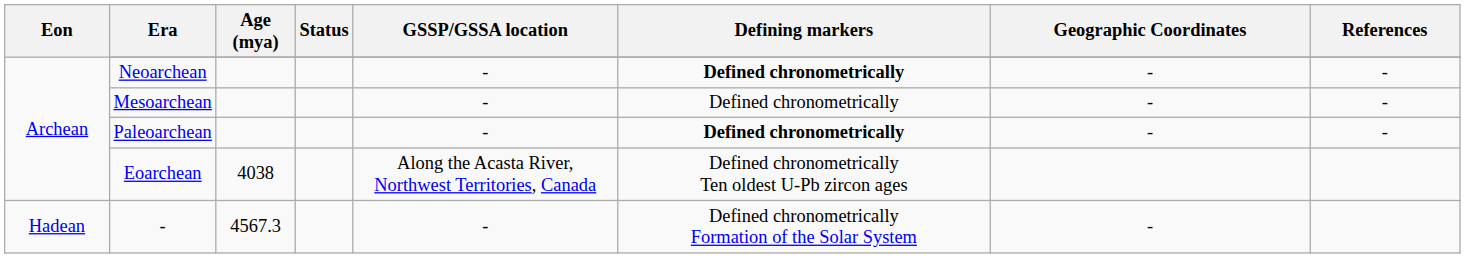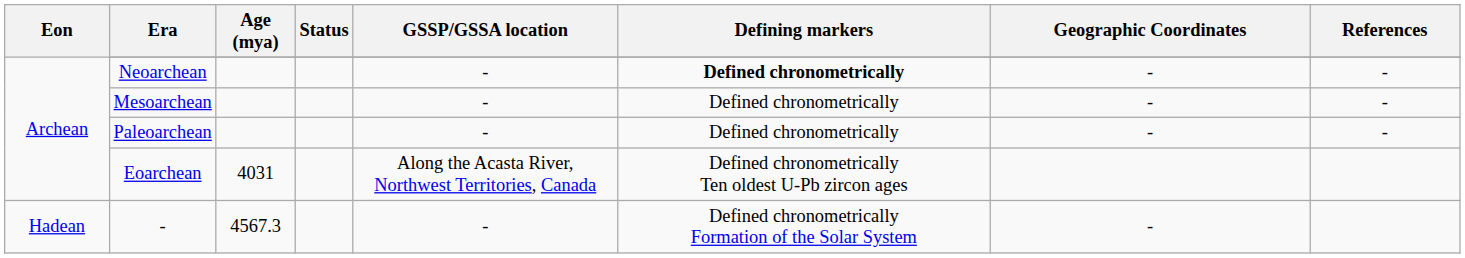 <table class="wikitable"  style="font-size:90%; width:90%; text-align:center;">
 <tr>
 <th style="width:75px;">Eon</th>
 <th style="width:75px;">Era</th>
 <th style="width:55px;">Age (mya)</th>
 <th style="width:15px;">Status</th>
 <th style="width:200px;">GSSP/GSSA location</th>
 <th width="">Defining markers</th>
 <th width="">Geographic Coordinates</th>
 <th width="">References</th>
 </tr>
 <tr style="background:">
 <td rowspan=5><a href='#'>Archean</a></td>
 </tr>
 <tr style="background:">
 <td><a href='#'>Neoarchean</a></td>
 <td></td>
 <td></td>
 <td>-</td>
 <td><strong>Defined chronometrically</strong></td>
 <td>-</td>
 <td>-</td>
 </tr>
 <tr style="background:">
 <td><a href='#'>Mesoarchean</a></td>
 <td></td>
 <td></td>
 <td>-</td>
 <td>Defined chronometrically</td>
 <td>-</td>
 <td>-</td>
 </tr>
 <tr style="background:">
 <td><a href='#'>Paleoarchean</a></td>
 <td></td>
 <td></td>
 <td>-</td>
-<td><strong>Defined chronometrically</strong></td>
+<td>Defined chronometrically</td>
 <td>-</td>
 <td>-</td>
 </tr>
 <tr style="background:">
 <td><a href='#'>Eoarchean</a></td>
-<td>4038</td>
+<td>4031</td>
 <td></td>
 <td>Along the Acasta River, <a href='#'>Northwest Territories</a>, <a href='#'>Canada</a></td>
 <td>Defined chronometrically<br>Ten oldest U-Pb zircon ages</td>
 <td></td>
 <td></td>
 </tr>
 <tr style="background:">
 <td><a href='#'>Hadean</a></td>
 <td>-</td>
 <td>4567.3</td>
 <td></td>
 <td>-</td>
 <td>Defined chronometrically<br><a href='#'>Formation of the Solar System</a></td>
 <td>-</td>
 <td></td>
 </tr>
 </table>
